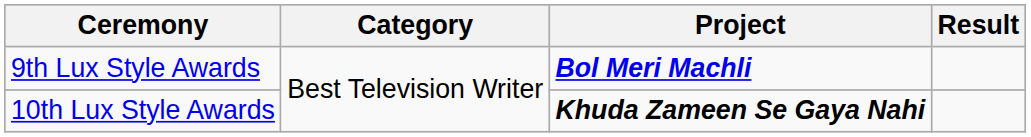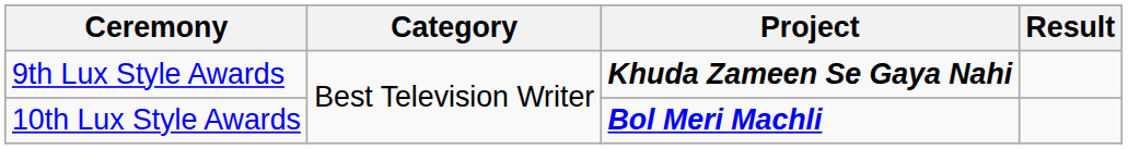 <table class="wikitable style">
 <tr>
 <th>Ceremony</th>
 <th>Category</th>
 <th>Project</th>
 <th>Result</th>
 </tr>
 <tr>
 <td><a href='#'>9th Lux Style Awards</a></td>
 <td rowspan="2">Best Television Writer</td>
-<td><strong><em><a href='#'>Bol Meri Machli</a></em></strong></td>
+<td><strong><em>Khuda Zameen Se Gaya Nahi</em></strong></td>
 <td></td>
 </tr>
 <tr>
 <td><a href='#'>10th Lux Style Awards</a></td>
-<td><strong><em>Khuda Zameen Se Gaya Nahi</em></strong></td>
+<td><strong><em><a href='#'>Bol Meri Machli</a></em></strong></td>
 <td></td>
 </tr>
 </table>
